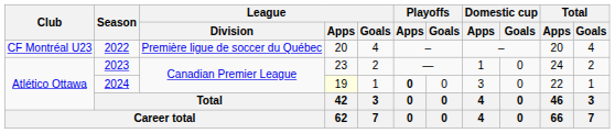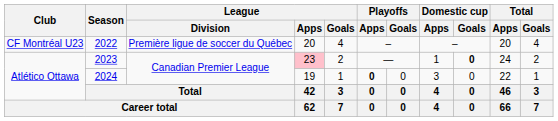 <table class="wikitable" style="text-align:center">
 <tr>
 <th rowspan="2">Club</th>
 <th rowspan="2">Season</th>
 <th colspan="3">League</th>
 <th colspan="2">Playoffs</th>
 <th colspan="2">Domestic cup</th>
 <th colspan="2">Total</th>
 </tr>
 <tr>
 <th>Division</th>
 <th>Apps</th>
 <th>Goals</th>
 <th>Apps</th>
 <th>Goals</th>
 <th>Apps</th>
 <th>Goals</th>
 <th>Apps</th>
 <th>Goals</th>
 </tr>
 <tr>
 <td><a href='#'>CF Montréal U23</a></td>
 <td><a href='#'>2022</a></td>
 <td><a href='#'>Première ligue de soccer du Québec</a></td>
 <td>20</td>
 <td>4</td>
 <td colspan="2">–</td>
 <td colspan="2">–</td>
 <td>20</td>
 <td>4</td>
 </tr>
 <tr>
 <td rowspan="3"><a href='#'>Atlético Ottawa</a></td>
 <td><a href='#'>2023</a></td>
 <td rowspan="2"><a href='#'>Canadian Premier League</a></td>
-<td>23</td>
+<td style="background: pink;">23</td>
 <td>2</td>
 <td colspan="2">—</td>
 <td>1</td>
-<td>0</td>
+<td><strong>0</strong></td>
 <td>24</td>
 <td>2</td>
 </tr>
 <tr>
 <td><a href='#'>2024</a></td>
-<td style="background: lightyellow;">19</td>
+<td>19</td>
 <td>1</td>
 <td><strong>0</strong></td>
 <td>0</td>
 <td>3</td>
 <td>0</td>
 <td>22</td>
 <td>1</td>
 </tr>
 <tr>
 <th colspan="2">Total</th>
 <th>42</th>
 <th>3</th>
 <th>0</th>
 <th>0</th>
 <th>4</th>
 <th>0</th>
 <th>46</th>
 <th>3</th>
 </tr>
 <tr>
 <th colspan="3">Career total</th>
 <th>62</th>
 <th>7</th>
 <th>0</th>
 <th>0</th>
 <th>4</th>
 <th>0</th>
 <th>66</th>
 <th>7</th>
 </tr>
 </table>
